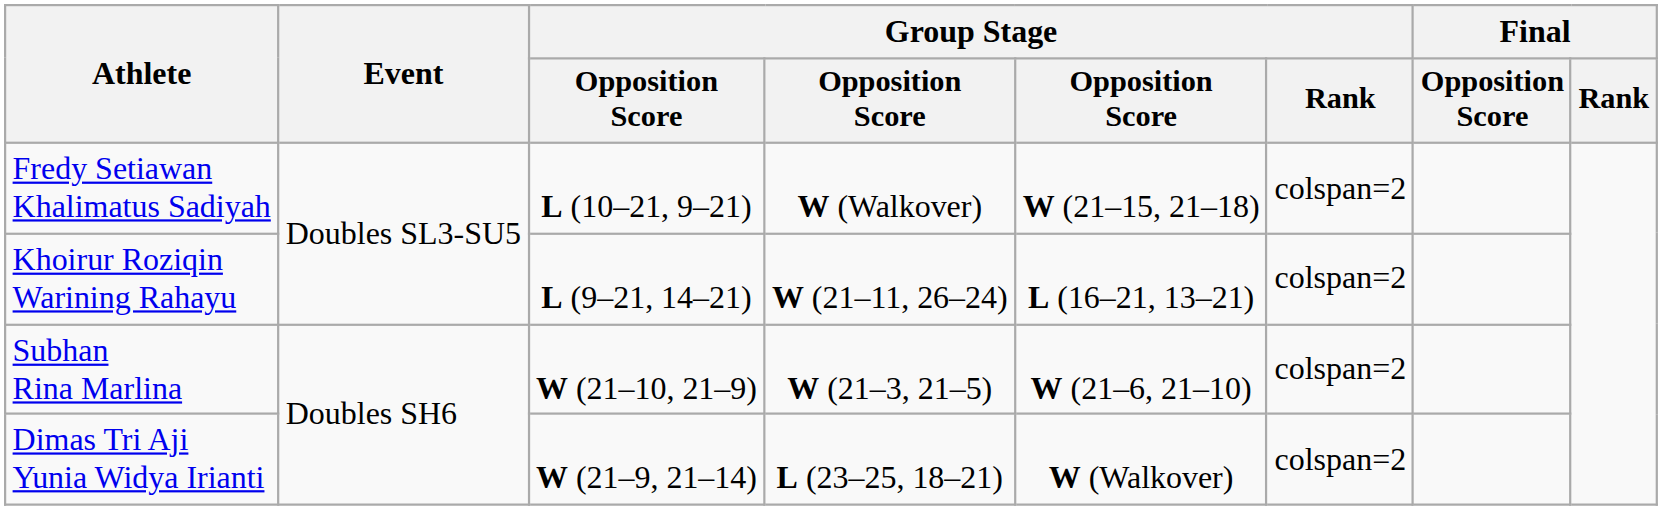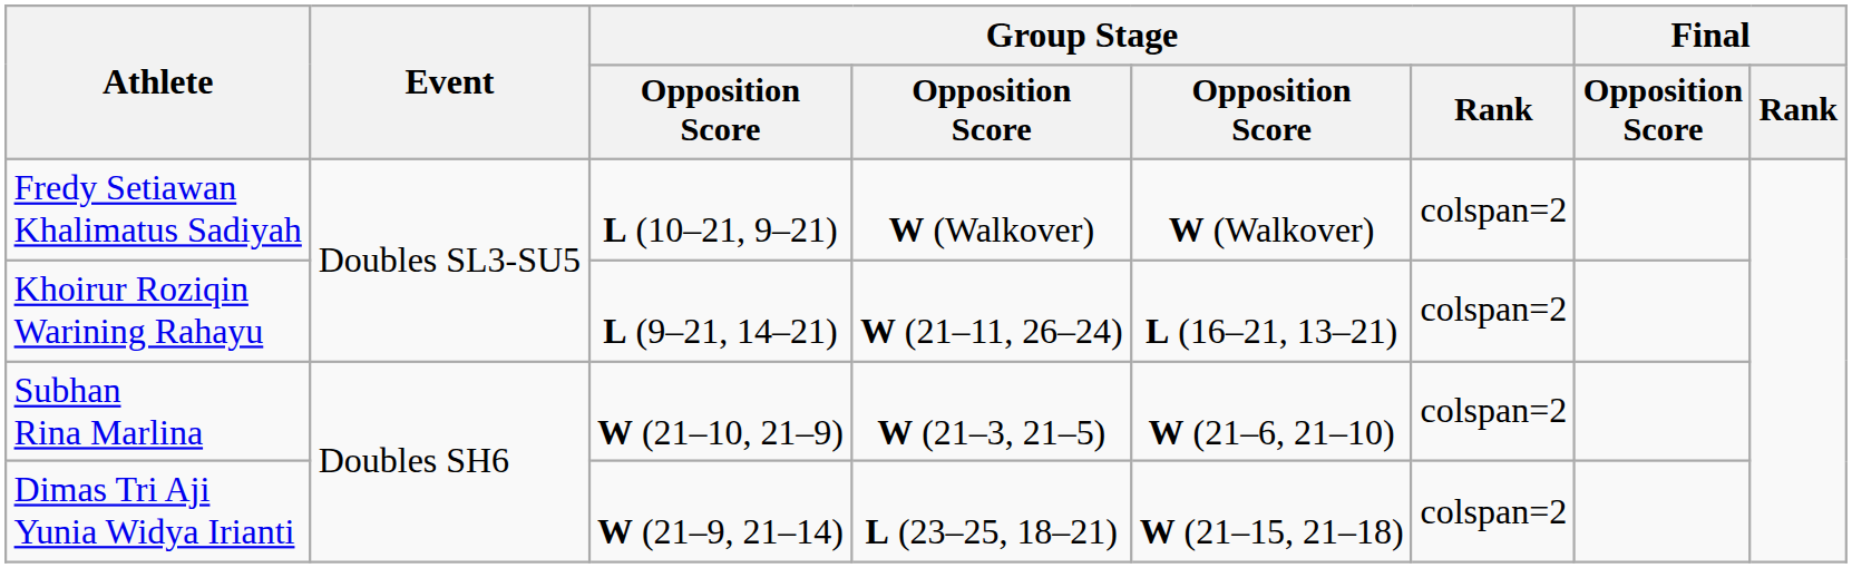 <table class="wikitable" style="font-size:90%; text-align:center">
 <tr>
 <th rowspan="2">Athlete</th>
 <th rowspan="2">Event</th>
 <th colspan="4">Group Stage</th>
 <th colspan="2">Final</th>
 </tr>
 <tr style="font-size:95%">
 <th>Opposition<br>Score</th>
 <th>Opposition<br>Score</th>
 <th>Opposition<br>Score</th>
 <th>Rank</th>
 <th>Opposition<br>Score</th>
 <th>Rank</th>
 </tr>
 <tr>
 <td align="left"><a href='#'>Fredy Setiawan</a><br><a href='#'>Khalimatus Sadiyah</a></td>
 <td rowspan="2" align="left">Doubles SL3-SU5</td>
 <td><br><strong>L</strong> (10–21, 9–21)</td>
 <td><br><strong>W</strong> (Walkover)</td>
-<td><br><strong>W</strong> (21–15, 21–18)</td>
+<td><br><strong>W</strong> (Walkover)</td>
 <td>colspan=2 </td>
 <td></td>
 </tr>
 <tr>
 <td align="left"><a href='#'>Khoirur Roziqin</a><br><a href='#'>Warining Rahayu</a></td>
 <td><br><strong>L</strong> (9–21, 14–21)</td>
 <td><br> <strong>W</strong> (21–11, 26–24)</td>
 <td><br><strong>L</strong> (16–21, 13–21)</td>
 <td>colspan=2 </td>
 <td></td>
 </tr>
 <tr>
 <td align="left"><a href='#'>Subhan</a><br><a href='#'>Rina Marlina</a></td>
 <td rowspan="2" align="left">Doubles SH6</td>
 <td><br><strong>W</strong> (21–10, 21–9)</td>
 <td><br><strong>W</strong> (21–3, 21–5)</td>
 <td><br><strong>W</strong> (21–6, 21–10)</td>
 <td>colspan=2 </td>
 <td></td>
 </tr>
 <tr>
 <td align="left"><a href='#'>Dimas Tri Aji</a><br><a href='#'>Yunia Widya Irianti</a></td>
 <td><br><strong>W</strong> (21–9, 21–14)</td>
 <td><br><strong>L</strong> (23–25, 18–21)</td>
-<td><br><strong>W</strong> (Walkover)</td>
+<td><br><strong>W</strong> (21–15, 21–18)</td>
 <td>colspan=2 </td>
 <td></td>
 </tr>
 </table>
